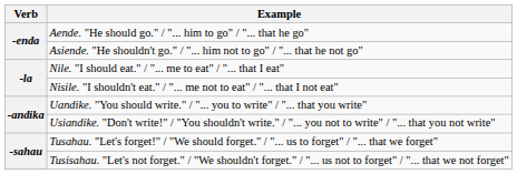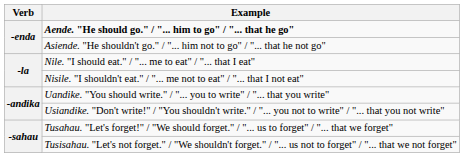 <table class="wikitable">
 <tr>
 <th>Verb</th>
 <th>Example</th>
 </tr>
 <tr>
 <th rowspan="2"><em>-enda</em></th>
-<td><em>Aende.</em> "He should go." / "... him to go" / "... that he go"</td>
+<td><strong><em>Aende.</em> "He should go." / "... him to go" / "... that he go"</strong></td>
 </tr>
 <tr>
 <td><em>Asiende.</em> "He shouldn't go." / "... him not to go" / "... that he not go"</td>
 </tr>
 <tr>
 <th rowspan="2"><em>-la</em></th>
 <td><em>Nile.</em> "I should eat." / "... me to eat" / "... that I eat"</td>
 </tr>
 <tr>
 <td><em>Nisile.</em> "I shouldn't eat." / "... me not to eat" / "... that I not eat"</td>
 </tr>
 <tr>
 <th rowspan="2"><em>-andika</em></th>
 <td><em>Uandike.</em> "You should write." / "... you to write" / "... that you write"</td>
 </tr>
 <tr>
 <td><em>Usiandike.</em> "Don't write!" / "You shouldn't write." / "... you not to write" / "... that you not write"</td>
 </tr>
 <tr>
 <th rowspan="2"><em>-sahau</em></th>
 <td><em>Tusahau.</em> "Let's forget!" / "We should forget." / "... us to forget" / "... that we forget"</td>
 </tr>
 <tr>
 <td><em>Tusisahau.</em> "Let's not forget." / "We shouldn't forget." / "... us not to forget" / "... that we not forget"</td>
 </tr>
 </table>
